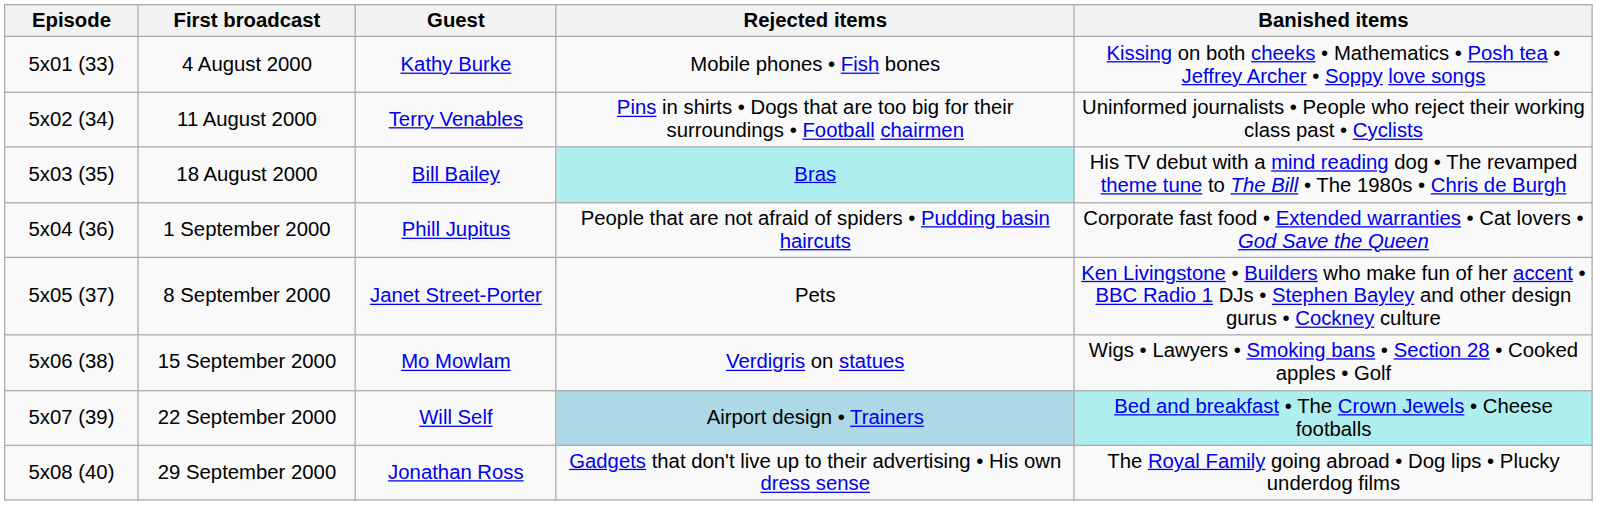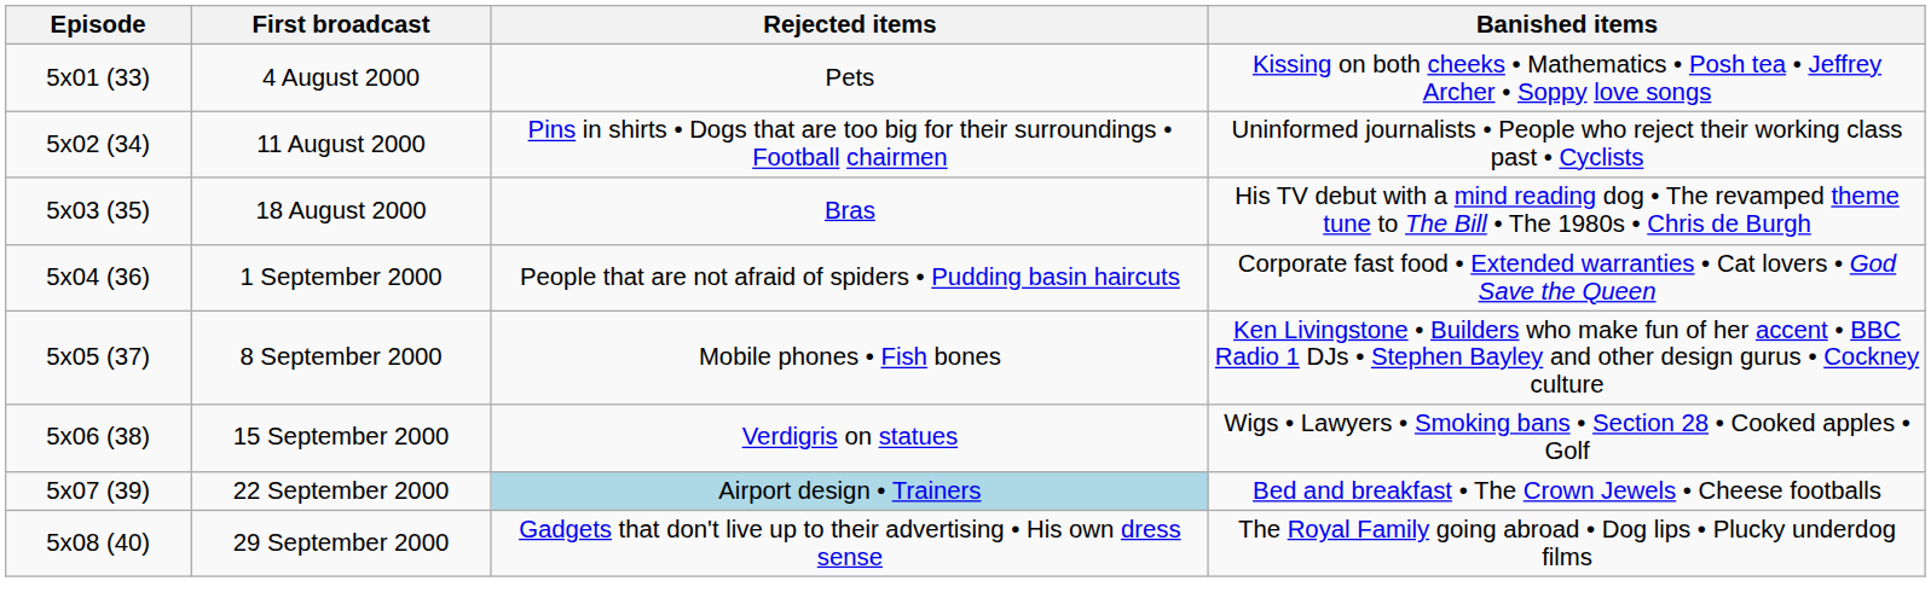 <table class="wikitable"  style="width:99%; left:0 auto; text-align:center;">
 <tr>
 <th style="width:8%;">Episode</th>
 <th style="width:13%;">First broadcast</th>
-<th style="width:12%;">Guest</th>
 <th style="width:31%;">Rejected items</th>
 <th style="width:31%;">Banished items</th>
 </tr>
 <tr>
 <td>5x01 (33)</td>
 <td>4 August 2000</td>
-<td><a href='#'>Kathy Burke</a></td>
-<td>Mobile phones • <a href='#'>Fish</a> bones</td>
+<td>Pets</td>
 <td><a href='#'>Kissing</a> on both <a href='#'>cheeks</a> • Mathematics • <a href='#'>Posh tea</a> • <a href='#'>Jeffrey Archer</a> • <a href='#'>Soppy</a> <a href='#'>love songs</a></td>
 </tr>
 <tr>
 <td>5x02 (34)</td>
 <td>11 August 2000</td>
-<td><a href='#'>Terry Venables</a></td>
 <td><a href='#'>Pins</a> in shirts • Dogs that are too big for their surroundings • <a href='#'>Football</a> <a href='#'>chairmen</a></td>
 <td>Uninformed journalists • People who reject their working class past • <a href='#'>Cyclists</a></td>
 </tr>
 <tr>
 <td>5x03 (35)</td>
 <td>18 August 2000</td>
-<td><a href='#'>Bill Bailey</a></td>
-<td style="background: paleturquoise;"><a href='#'>Bras</a></td>
+<td><a href='#'>Bras</a></td>
 <td>His TV debut with a <a href='#'>mind reading</a> dog • The revamped <a href='#'>theme tune</a> to <em><a href='#'>The Bill</a></em> • The 1980s • <a href='#'>Chris de Burgh</a></td>
 </tr>
 <tr>
 <td>5x04 (36)</td>
 <td>1 September 2000</td>
-<td><a href='#'>Phill Jupitus</a></td>
 <td>People that are not afraid of spiders • <a href='#'>Pudding basin haircuts</a></td>
 <td>Corporate fast food • <a href='#'>Extended warranties</a> • Cat lovers • <em><a href='#'>God Save the Queen</a></em></td>
 </tr>
 <tr>
 <td>5x05 (37)</td>
 <td>8 September 2000</td>
-<td><a href='#'>Janet Street-Porter</a></td>
-<td>Pets</td>
+<td>Mobile phones • <a href='#'>Fish</a> bones</td>
 <td><a href='#'>Ken Livingstone</a> • <a href='#'>Builders</a> who make fun of her <a href='#'>accent</a> • <a href='#'>BBC Radio 1</a> DJs • <a href='#'>Stephen Bayley</a> and other design gurus • <a href='#'>Cockney</a> culture</td>
 </tr>
 <tr>
 <td>5x06 (38)</td>
 <td>15 September 2000</td>
-<td><a href='#'>Mo Mowlam</a></td>
 <td><a href='#'>Verdigris</a> on <a href='#'>statues</a></td>
 <td>Wigs • Lawyers • <a href='#'>Smoking bans</a> • <a href='#'>Section 28</a> • Cooked apples • Golf</td>
 </tr>
 <tr>
 <td>5x07 (39)</td>
 <td>22 September 2000</td>
-<td><a href='#'>Will Self</a></td>
 <td style="background: lightblue;">Airport design • <a href='#'>Trainers</a></td>
-<td style="background: paleturquoise;"><a href='#'>Bed and breakfast</a> • The <a href='#'>Crown Jewels</a> • Cheese footballs</td>
+<td><a href='#'>Bed and breakfast</a> • The <a href='#'>Crown Jewels</a> • Cheese footballs</td>
 </tr>
 <tr>
 <td>5x08 (40)</td>
 <td>29 September 2000</td>
-<td><a href='#'>Jonathan Ross</a></td>
 <td><a href='#'>Gadgets</a> that don't live up to their advertising • His own <a href='#'>dress sense</a></td>
 <td>The <a href='#'>Royal Family</a> going abroad • Dog lips • Plucky underdog films</td>
 </tr>
 </table>
